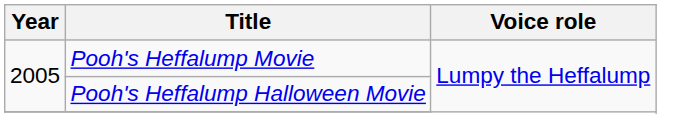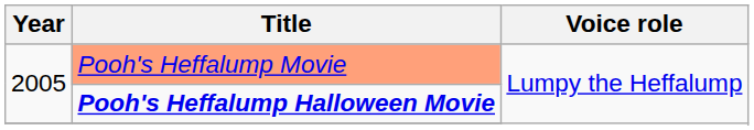 <table class="wikitable sortable">
 <tr>
 <th>Year</th>
 <th>Title</th>
 <th>Voice role</th>
 </tr>
 <tr>
 <td rowspan=2>2005</td>
-<td><em><a href='#'>Pooh's Heffalump Movie</a></em></td>
+<td style="background: lightsalmon;"><em><a href='#'>Pooh's Heffalump Movie</a></em></td>
 <td rowspan=5><a href='#'>Lumpy the Heffalump</a></td>
 </tr>
 <tr>
-<td><em><a href='#'>Pooh's Heffalump Halloween Movie</a></em></td>
+<td><strong><em><a href='#'>Pooh's Heffalump Halloween Movie</a></em></strong></td>
 </tr>
 <tr>
 </tr>
 </table>
